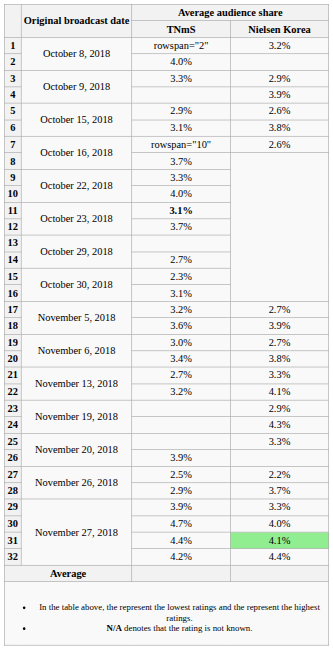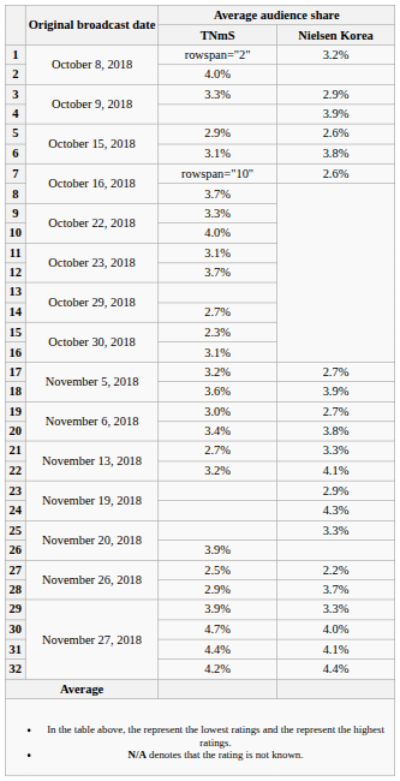 <table class="wikitable" style="text-align:center; width:500px">
 <tr>
 <th rowspan="2"></th>
 <th rowspan="2">Original broadcast date</th>
 <th colspan="2">Average audience share</th>
 </tr>
 <tr>
 <th scope="col" style="width:9em">TNmS</th>
 <th scope="col" style="width:9em">Nielsen Korea</th>
 </tr>
 <tr>
 <th>1</th>
 <td rowspan="2">October 8, 2018</td>
 <td>rowspan="2" </td>
 <td>3.2%</td>
 </tr>
 <tr>
 <th>2</th>
 <td>4.0%</td>
 </tr>
 <tr>
 <th>3</th>
 <td rowspan="2">October 9, 2018</td>
 <td>3.3%</td>
 <td>2.9%</td>
 </tr>
 <tr>
 <th>4</th>
 <td></td>
 <td>3.9%</td>
 </tr>
 <tr>
 <th>5</th>
 <td rowspan="2">October 15, 2018</td>
 <td>2.9%</td>
 <td>2.6%</td>
 </tr>
 <tr>
 <th>6</th>
 <td>3.1%</td>
 <td>3.8%</td>
 </tr>
 <tr>
 <th>7</th>
 <td rowspan="2">October 16, 2018</td>
 <td>rowspan="10" </td>
 <td>2.6%</td>
 </tr>
 <tr>
 <th>8</th>
 <td>3.7%</td>
 </tr>
 <tr>
 <th>9</th>
 <td rowspan="2">October 22, 2018</td>
 <td>3.3%</td>
 </tr>
 <tr>
 <th>10</th>
 <td>4.0%</td>
 </tr>
 <tr>
 <th>11</th>
 <td rowspan="2">October 23, 2018</td>
-<td><strong>3.1%</strong></td>
+<td>3.1%</td>
 </tr>
 <tr>
 <th>12</th>
 <td>3.7%</td>
 </tr>
 <tr>
 <th>13</th>
 <td rowspan="2">October 29, 2018</td>
 <td></td>
 </tr>
 <tr>
 <th>14</th>
 <td>2.7%</td>
 </tr>
 <tr>
 <th>15</th>
 <td rowspan="2">October 30, 2018</td>
 <td>2.3%</td>
 </tr>
 <tr>
 <th>16</th>
 <td>3.1%</td>
 </tr>
 <tr>
 <th>17</th>
 <td rowspan="2">November 5, 2018</td>
 <td>3.2%</td>
 <td>2.7%</td>
 </tr>
 <tr>
 <th>18</th>
 <td>3.6%</td>
 <td>3.9%</td>
 </tr>
 <tr>
 <th>19</th>
 <td rowspan="2">November 6, 2018</td>
 <td>3.0%</td>
 <td>2.7%</td>
 </tr>
 <tr>
 <th>20</th>
 <td>3.4%</td>
 <td>3.8%</td>
 </tr>
 <tr>
 <th>21</th>
 <td rowspan="2">November 13, 2018</td>
 <td>2.7%</td>
 <td>3.3%</td>
 </tr>
 <tr>
 <th>22</th>
 <td>3.2%</td>
 <td>4.1%</td>
 </tr>
 <tr>
 <th>23</th>
 <td rowspan="2">November 19, 2018</td>
 <td></td>
 <td>2.9%</td>
 </tr>
 <tr>
 <th>24</th>
 <td></td>
 <td>4.3%</td>
 </tr>
 <tr>
 <th>25</th>
 <td rowspan="2">November 20, 2018</td>
 <td></td>
 <td>3.3%</td>
 </tr>
 <tr>
 <th>26</th>
 <td>3.9%</td>
 <td></td>
 </tr>
 <tr>
 <th>27</th>
 <td rowspan="2">November 26, 2018</td>
 <td>2.5%</td>
 <td>2.2%</td>
 </tr>
 <tr>
 <th>28</th>
 <td>2.9%</td>
 <td>3.7%</td>
 </tr>
 <tr>
 <th>29</th>
 <td rowspan="4">November 27, 2018</td>
 <td>3.9%</td>
 <td>3.3%</td>
 </tr>
 <tr>
 <th>30</th>
 <td>4.7%</td>
 <td>4.0%</td>
 </tr>
 <tr>
 <th>31</th>
 <td>4.4%</td>
-<td style="background: lightgreen;">4.1%</td>
+<td>4.1%</td>
 </tr>
 <tr>
 <th>32</th>
 <td>4.2%</td>
 <td>4.4%</td>
 </tr>
 <tr>
 <th colspan="2">Average</th>
 <th></th>
 <th></th>
 </tr>
 <tr>
 <td colspan="4" style="font-size:85%"><br><ul><li>In the table above, the <strong></strong> represent the lowest ratings and the <strong></strong> represent the highest ratings.</li><li><strong>N/A</strong> denotes that the rating is not known.</li></ul></td>
 </tr>
 </table>
